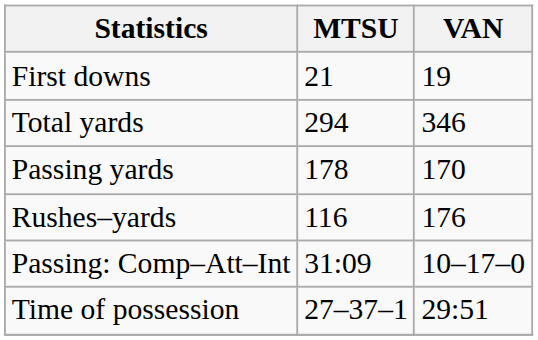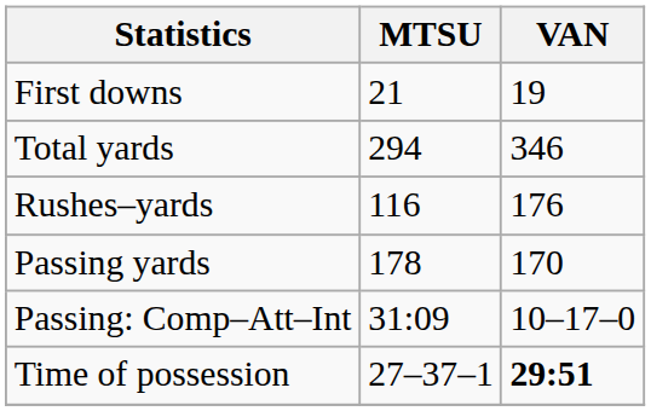 <table class="wikitable" style="float: left;">
 <tr>
 <th>Statistics</th>
 <th>MTSU</th>
 <th>VAN</th>
 </tr>
 <tr>
 <td>First downs</td>
 <td>21</td>
 <td>19</td>
 </tr>
 <tr>
 <td>Total yards</td>
 <td>294</td>
 <td>346</td>
 </tr>
 <tr>
+<td>Rushes–yards</td>
+<td>116</td>
+<td>176</td>
+</tr>
+<tr>
 <td>Passing yards</td>
 <td>178</td>
 <td>170</td>
-</tr>
-<tr>
-<td>Rushes–yards</td>
-<td>116</td>
-<td>176</td>
 </tr>
 <tr>
 <td>Passing: Comp–Att–Int</td>
 <td>31:09</td>
 <td>10–17–0</td>
 </tr>
 <tr>
 <td>Time of possession</td>
 <td>27–37–1</td>
-<td>29:51</td>
+<td><strong>29:51</strong></td>
 </tr>
 <tr>
 </tr>
 </table>
